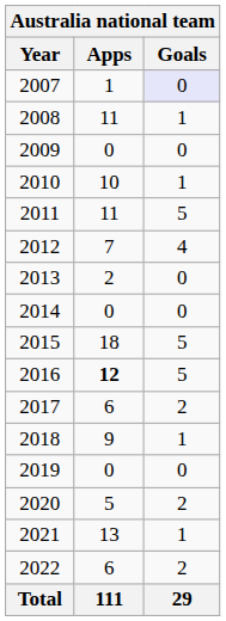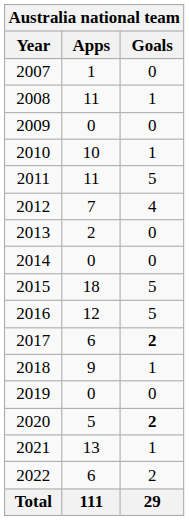 <table class="wikitable" style="text-align:center">
 <tr>
 <th colspan=3>Australia national team</th>
 </tr>
 <tr>
 <th>Year</th>
 <th>Apps</th>
 <th>Goals</th>
 </tr>
 <tr>
 <td>2007</td>
 <td>1</td>
-<td style="background: lavender;">0</td>
+<td>0</td>
 </tr>
 <tr>
 <td>2008</td>
 <td>11</td>
 <td>1</td>
 </tr>
 <tr>
 <td>2009</td>
 <td>0</td>
 <td>0</td>
 </tr>
 <tr>
 <td>2010</td>
 <td>10</td>
 <td>1</td>
 </tr>
 <tr>
 <td>2011</td>
 <td>11</td>
 <td>5</td>
 </tr>
 <tr>
 <td>2012</td>
 <td>7</td>
 <td>4</td>
 </tr>
 <tr>
 <td>2013</td>
 <td>2</td>
 <td>0</td>
 </tr>
 <tr>
 <td>2014</td>
 <td>0</td>
 <td>0</td>
 </tr>
 <tr>
 <td>2015</td>
 <td>18</td>
 <td>5</td>
 </tr>
 <tr>
 <td>2016</td>
-<td><strong>12</strong></td>
+<td>12</td>
 <td>5</td>
 </tr>
 <tr>
 <td>2017</td>
 <td>6</td>
-<td>2</td>
+<td><strong>2</strong></td>
 </tr>
 <tr>
 <td>2018</td>
 <td>9</td>
 <td>1</td>
 </tr>
 <tr>
 <td>2019</td>
 <td>0</td>
 <td>0</td>
 </tr>
 <tr>
 <td>2020</td>
 <td>5</td>
-<td>2</td>
+<td><strong>2</strong></td>
 </tr>
 <tr>
 <td>2021</td>
 <td>13</td>
 <td>1</td>
 </tr>
 <tr>
 <td>2022</td>
 <td>6</td>
 <td>2</td>
 </tr>
 <tr>
 <th>Total</th>
 <th>111</th>
 <th>29</th>
 </tr>
 </table>
